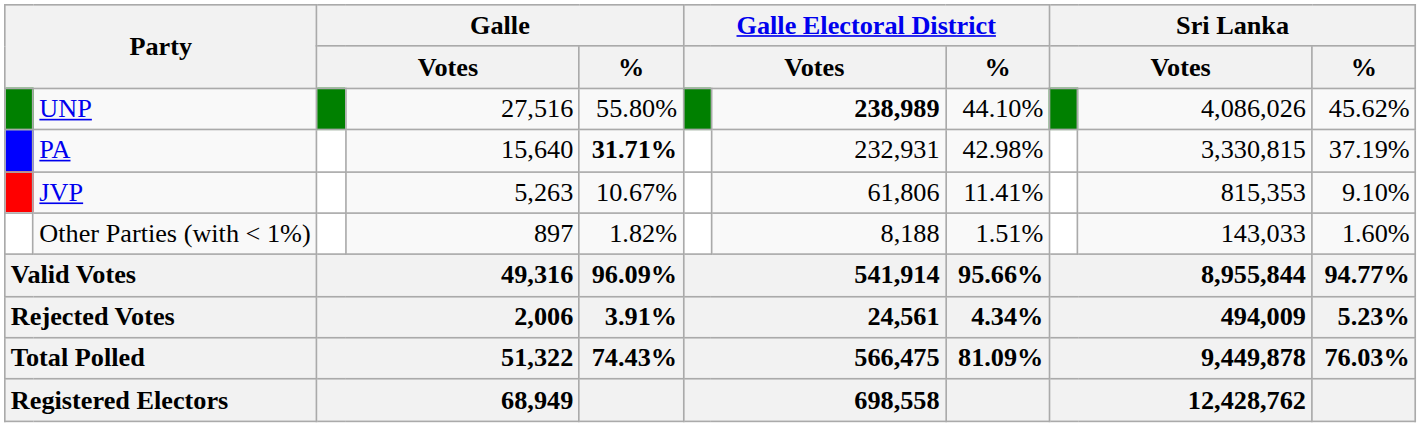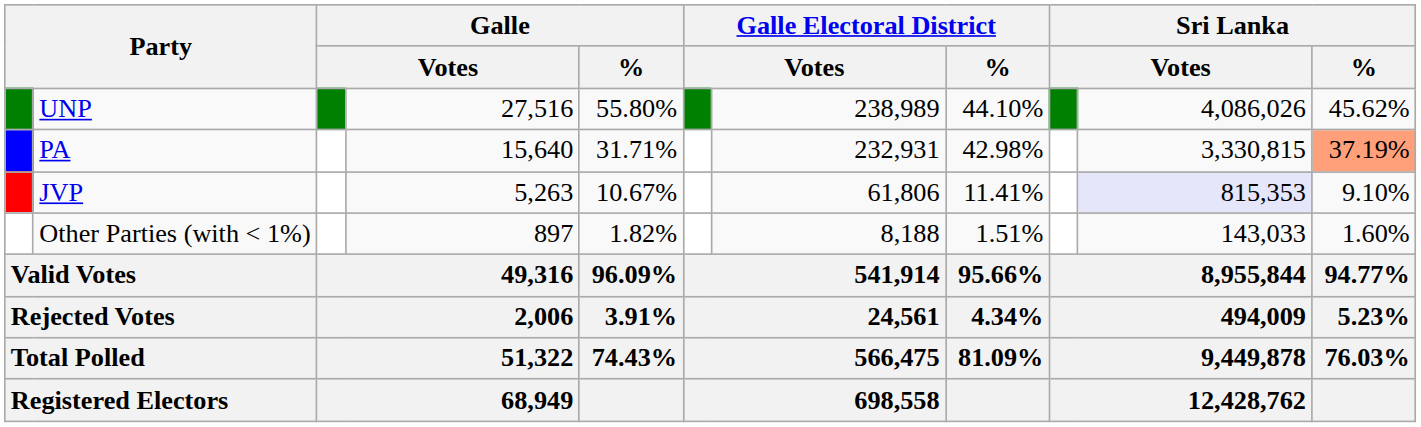 <table class="wikitable">
 <tr>
 <th colspan="2" width="144px"rowspan="2">Party</th>
 <th colspan="3" width="216px">Galle</th>
 <th colspan="3" width="216px"><a href='#'>Galle Electoral District</a></th>
 <th colspan="3" width="216px">Sri Lanka</th>
 </tr>
 <tr>
 <th colspan="2" width="144px">Votes</th>
 <th>%</th>
 <th colspan="2" width="144px">Votes</th>
 <th>%</th>
 <th colspan="2" width="144px">Votes</th>
 <th>%</th>
 </tr>
 <tr>
 <td style="background-color:green;" width="10px"></td>
 <td style="text-align:left;"><a href='#'>UNP</a></td>
 <td style="background-color:green;" width="10px"></td>
 <td style="text-align:right;">27,516</td>
 <td style="text-align:right;">55.80%</td>
 <td style="background-color:green;" width="10px"></td>
-<td style="text-align:right;"><strong>238,989</strong></td>
+<td style="text-align:right;">238,989</td>
 <td style="text-align:right;">44.10%</td>
 <td style="background-color:green;" width="10px"></td>
 <td style="text-align:right;">4,086,026</td>
 <td style="text-align:right;">45.62%</td>
 </tr>
 <tr>
 <td style="background-color:blue;" width="10px"></td>
 <td style="text-align:left;"><a href='#'>PA</a></td>
 <td style="background-color:white;" width="10px"></td>
 <td style="text-align:right;">15,640</td>
-<td style="text-align:right;"><strong>31.71%</strong></td>
+<td style="text-align:right;">31.71%</td>
 <td style="background-color:white;" width="10px"></td>
 <td style="text-align:right;">232,931</td>
 <td style="text-align:right;">42.98%</td>
 <td style="background-color:white;" width="10px"></td>
 <td style="text-align:right;">3,330,815</td>
-<td style="text-align:right;">37.19%</td>
+<td style="background: lightsalmon; text-align:right;">37.19%</td>
 </tr>
 <tr>
 <td style="background-color:red;" width="10px"></td>
 <td style="text-align:left;"><a href='#'>JVP</a></td>
 <td style="background-color:white;" width="10px"></td>
 <td style="text-align:right;">5,263</td>
 <td style="text-align:right;">10.67%</td>
 <td style="background-color:white;" width="10px"></td>
 <td style="text-align:right;">61,806</td>
 <td style="text-align:right;">11.41%</td>
 <td style="background-color:white;" width="10px"></td>
-<td style="text-align:right;">815,353</td>
+<td style="background: lavender; text-align:right;">815,353</td>
 <td style="text-align:right;">9.10%</td>
 </tr>
 <tr>
 <td style="background-color:white;" width="10px"></td>
 <td style="text-align:left;">Other Parties (with < 1%)</td>
 <td style="background-color:white;" width="10px"></td>
 <td style="text-align:right;">897</td>
 <td style="text-align:right;">1.82%</td>
 <td style="background-color:white;" width="10px"></td>
 <td style="text-align:right;">8,188</td>
 <td style="text-align:right;">1.51%</td>
 <td style="background-color:white;" width="10px"></td>
 <td style="text-align:right;">143,033</td>
 <td style="text-align:right;">1.60%</td>
 </tr>
 <tr>
 <th colspan="2" width="144px"style="text-align:left;">Valid Votes</th>
 <th style="text-align:right;"colspan="2" width="144px">49,316</th>
 <th style="text-align:right;">96.09%</th>
 <th style="text-align:right;"colspan="2" width="144px">541,914</th>
 <th style="text-align:right;">95.66%</th>
 <th style="text-align:right;"colspan="2" width="144px">8,955,844</th>
 <th style="text-align:right;">94.77%</th>
 </tr>
 <tr>
 <th colspan="2" width="144px"style="text-align:left;">Rejected Votes</th>
 <th style="text-align:right;"colspan="2" width="144px">2,006</th>
 <th style="text-align:right;">3.91%</th>
 <th style="text-align:right;"colspan="2" width="144px">24,561</th>
 <th style="text-align:right;">4.34%</th>
 <th style="text-align:right;"colspan="2" width="144px">494,009</th>
 <th style="text-align:right;">5.23%</th>
 </tr>
 <tr>
 <th colspan="2" width="144px"style="text-align:left;">Total Polled</th>
 <th style="text-align:right;"colspan="2" width="144px">51,322</th>
 <th style="text-align:right;">74.43%</th>
 <th style="text-align:right;"colspan="2" width="144px">566,475</th>
 <th style="text-align:right;">81.09%</th>
 <th style="text-align:right;"colspan="2" width="144px">9,449,878</th>
 <th style="text-align:right;">76.03%</th>
 </tr>
 <tr>
 <th colspan="2" width="144px"style="text-align:left;">Registered Electors</th>
 <th style="text-align:right;"colspan="2" width="144px">68,949</th>
 <th></th>
 <th style="text-align:right;"colspan="2" width="144px">698,558</th>
 <th></th>
 <th style="text-align:right;"colspan="2" width="144px">12,428,762</th>
 <th></th>
 </tr>
 </table>
